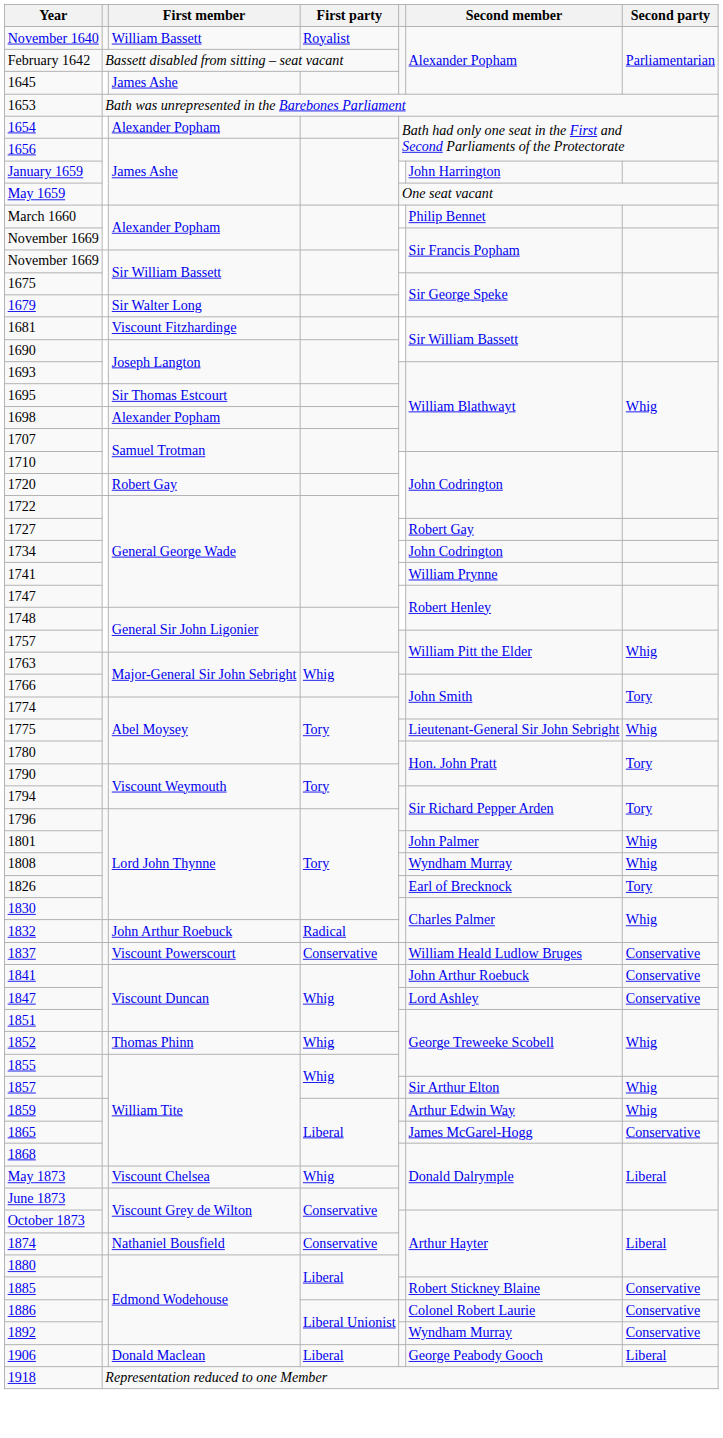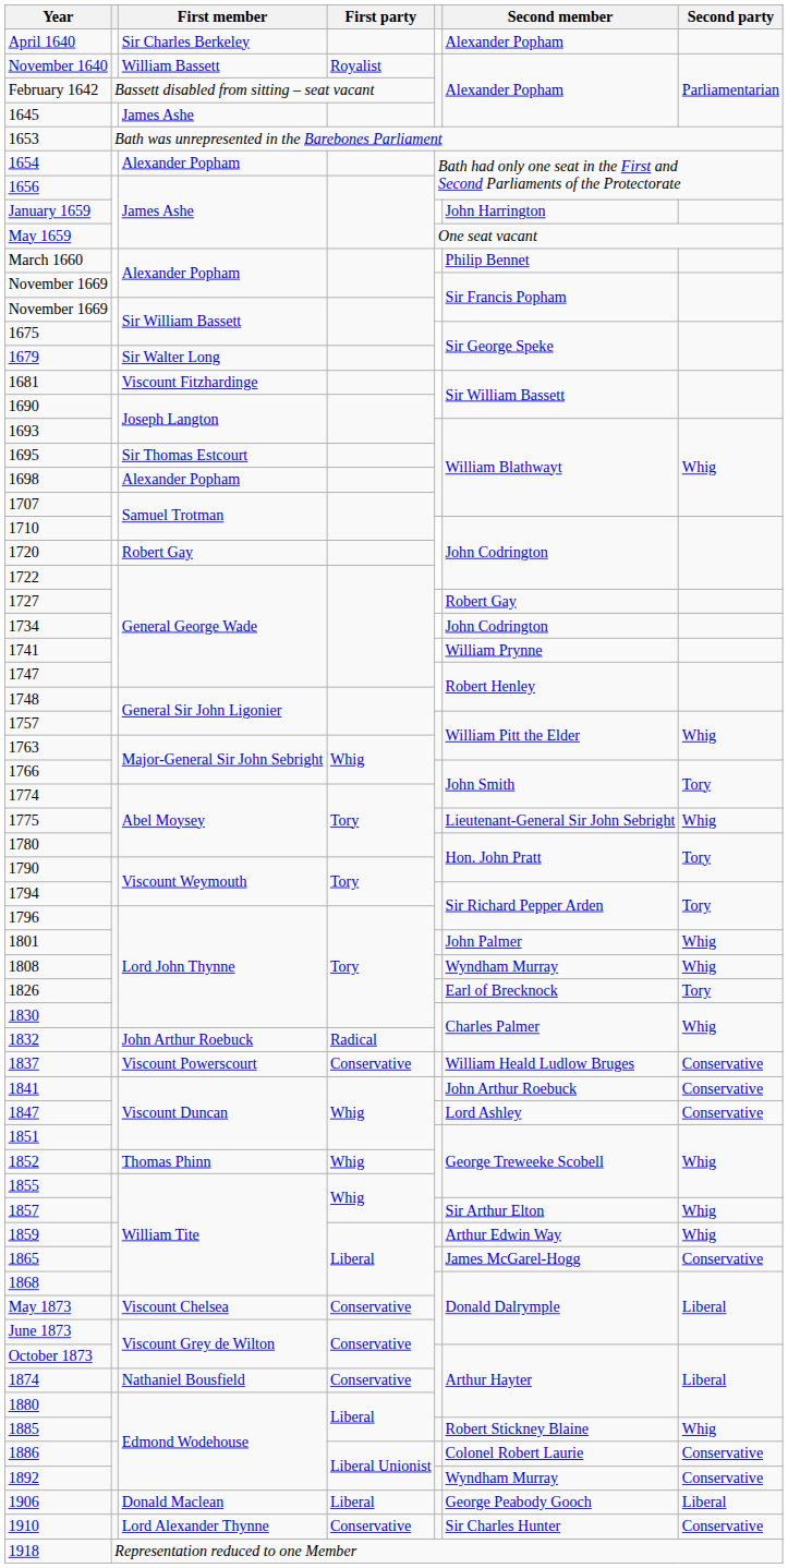 <table class="wikitable">
 <tr>
 <th>Year</th>
 <th></th>
 <th>First member</th>
 <th>First party</th>
 <th></th>
 <th>Second member</th>
 <th>Second party</th>
+</tr>
+<tr>
+<td><a href='#'>April 1640</a></td>
+<td style="color:inherit;background-color: white"></td>
+<td><a href='#'>Sir Charles Berkeley</a></td>
+<td></td>
+<td style="color:inherit;background-color: white"></td>
+<td><a href='#'>Alexander Popham</a></td>
+<td></td>
 </tr>
 <tr>
 <td><a href='#'>November 1640</a></td>
 <td style="color:inherit;background-color: "></td>
 <td><a href='#'>William Bassett</a></td>
 <td><a href='#'>Royalist</a></td>
 <td rowspan="3" style="color:inherit;background-color: "></td>
 <td rowspan="3"><a href='#'>Alexander Popham</a></td>
 <td rowspan="3"><a href='#'>Parliamentarian</a></td>
 </tr>
 <tr>
 <td>February 1642</td>
 <td colspan="3"><em>Bassett disabled from sitting – seat vacant</em></td>
 </tr>
 <tr>
 <td>1645</td>
 <td style="color:inherit;background-color: white"></td>
 <td><a href='#'>James Ashe</a></td>
 <td></td>
 </tr>
 <tr>
 <td>1653</td>
 <td colspan="6"><em>Bath was unrepresented in the <a href='#'>Barebones Parliament</a></em></td>
 </tr>
 <tr>
 <td><a href='#'>1654</a></td>
 <td style="color:inherit;background-color: white"></td>
 <td><a href='#'>Alexander Popham</a></td>
 <td></td>
 <td rowspan="2" colspan="3"><em>Bath had only one seat in the <a href='#'>First</a> and <br><a href='#'>Second</a> Parliaments of the Protectorate</em></td>
 </tr>
 <tr>
 <td><a href='#'>1656</a></td>
 <td rowspan="3" style="color:inherit;background-color: white"></td>
 <td rowspan="3"><a href='#'>James Ashe</a></td>
 <td rowspan="3"></td>
 </tr>
 <tr>
 <td><a href='#'>January 1659</a></td>
 <td style="color:inherit;background-color: white"></td>
 <td><a href='#'>John Harrington</a></td>
 <td></td>
 </tr>
 <tr>
 <td><a href='#'>May 1659</a></td>
 <td colspan="3"><em>One seat vacant</em></td>
 </tr>
 <tr>
 <td>March 1660</td>
 <td rowspan="2" style="color:inherit;background-color: white"></td>
 <td rowspan="2"><a href='#'>Alexander Popham</a></td>
 <td rowspan="2"></td>
 <td style="color:inherit;background-color: white"></td>
 <td><a href='#'>Philip Bennet</a></td>
 <td></td>
 </tr>
 <tr>
 <td>November 1669</td>
 <td rowspan="2" style="color:inherit;background-color: white"></td>
 <td rowspan="2"><a href='#'>Sir Francis Popham</a></td>
 <td rowspan="2"></td>
 </tr>
 <tr>
 <td>November 1669</td>
 <td rowspan="2" style="color:inherit;background-color: white"></td>
 <td rowspan="2"><a href='#'>Sir William Bassett</a></td>
 <td rowspan="2"></td>
 </tr>
 <tr>
 <td>1675</td>
 <td rowspan="2" style="color:inherit;background-color: white"></td>
 <td rowspan="2"><a href='#'>Sir George Speke</a></td>
 <td rowspan="2"></td>
 </tr>
 <tr>
 <td><a href='#'>1679</a></td>
 <td style="color:inherit;background-color: white"></td>
 <td><a href='#'>Sir Walter Long</a></td>
 <td></td>
 </tr>
 <tr>
 <td>1681</td>
 <td style="color:inherit;background-color: white"></td>
 <td><a href='#'>Viscount Fitzhardinge</a></td>
 <td></td>
 <td rowspan="2" style="color:inherit;background-color: white"></td>
 <td rowspan="2"><a href='#'>Sir William Bassett</a></td>
 <td rowspan="2"></td>
 </tr>
 <tr>
 <td>1690</td>
 <td rowspan="2" style="color:inherit;background-color: white"></td>
 <td rowspan="2"><a href='#'>Joseph Langton</a></td>
 <td rowspan="2"></td>
 </tr>
 <tr>
 <td>1693</td>
 <td rowspan="4" style="color:inherit;background-color: "></td>
 <td rowspan="4"><a href='#'>William Blathwayt</a></td>
 <td rowspan="4"><a href='#'>Whig</a></td>
 </tr>
 <tr>
 <td>1695</td>
 <td style="color:inherit;background-color: white"></td>
 <td><a href='#'>Sir Thomas Estcourt</a></td>
 <td></td>
 </tr>
 <tr>
 <td>1698</td>
 <td style="color:inherit;background-color: white"></td>
 <td><a href='#'>Alexander Popham</a></td>
 <td></td>
 </tr>
 <tr>
 <td>1707</td>
 <td rowspan="2" style="color:inherit;background-color: white"></td>
 <td rowspan="2"><a href='#'>Samuel Trotman</a></td>
 <td rowspan="2"></td>
 </tr>
 <tr>
 <td>1710</td>
 <td rowspan="3" style="color:inherit;background-color: white"></td>
 <td rowspan="3"><a href='#'>John Codrington</a></td>
 <td rowspan="3"></td>
 </tr>
 <tr>
 <td>1720</td>
 <td style="color:inherit;background-color: white"></td>
 <td><a href='#'>Robert Gay</a></td>
 <td></td>
 </tr>
 <tr>
 <td>1722</td>
 <td rowspan="5" style="color:inherit;background-color: white"></td>
 <td rowspan="5"><a href='#'>General George Wade</a></td>
 <td rowspan="5"></td>
 </tr>
 <tr>
 <td>1727</td>
 <td style="color:inherit;background-color: white"></td>
 <td><a href='#'>Robert Gay</a></td>
 <td></td>
 </tr>
 <tr>
 <td>1734</td>
 <td style="color:inherit;background-color: white"></td>
 <td><a href='#'>John Codrington</a></td>
 <td></td>
 </tr>
 <tr>
 <td>1741</td>
 <td style="color:inherit;background-color: white"></td>
 <td><a href='#'>William Prynne</a></td>
 <td></td>
 </tr>
 <tr>
 <td>1747</td>
 <td rowspan="2" style="color:inherit;background-color: white"></td>
 <td rowspan="2"><a href='#'>Robert Henley</a></td>
 <td rowspan="2"></td>
 </tr>
 <tr>
 <td>1748</td>
 <td rowspan="2" style="color:inherit;background-color: white"></td>
 <td rowspan="2"><a href='#'>General Sir John Ligonier</a></td>
 <td rowspan="2"></td>
 </tr>
 <tr>
 <td>1757</td>
 <td rowspan="2" style="color:inherit;background-color: "></td>
 <td rowspan="2"><a href='#'>William Pitt the Elder</a></td>
 <td rowspan="2"><a href='#'>Whig</a></td>
 </tr>
 <tr>
 <td>1763</td>
 <td rowspan="2" style="color:inherit;background-color: "></td>
 <td rowspan="2"><a href='#'>Major-General Sir John Sebright</a></td>
 <td rowspan="2"><a href='#'>Whig</a></td>
 </tr>
 <tr>
 <td>1766</td>
 <td rowspan="2" style="color:inherit;background-color: "></td>
 <td rowspan="2"><a href='#'>John Smith</a></td>
 <td rowspan="2"><a href='#'>Tory</a></td>
 </tr>
 <tr>
 <td>1774</td>
 <td rowspan="3" style="color:inherit;background-color: "></td>
 <td rowspan="3"><a href='#'>Abel Moysey</a></td>
 <td rowspan="3"><a href='#'>Tory</a></td>
 </tr>
 <tr>
 <td>1775</td>
 <td style="color:inherit;background-color: "></td>
 <td><a href='#'>Lieutenant-General Sir John Sebright</a></td>
 <td><a href='#'>Whig</a></td>
 </tr>
 <tr>
 <td>1780</td>
 <td rowspan="2" style="color:inherit;background-color: "></td>
 <td rowspan="2"><a href='#'>Hon. John Pratt</a></td>
 <td rowspan="2"><a href='#'>Tory</a></td>
 </tr>
 <tr>
 <td>1790</td>
 <td rowspan="2" style="color:inherit;background-color: "></td>
 <td rowspan="2"><a href='#'>Viscount Weymouth</a></td>
 <td rowspan="2"><a href='#'>Tory</a></td>
 </tr>
 <tr>
 <td>1794</td>
 <td rowspan="2" style="color:inherit;background-color: "></td>
 <td rowspan="2"><a href='#'>Sir Richard Pepper Arden</a></td>
 <td rowspan="2"><a href='#'>Tory</a></td>
 </tr>
 <tr>
 <td>1796</td>
 <td rowspan="5" style="color:inherit;background-color: "></td>
 <td rowspan="5"><a href='#'>Lord John Thynne</a></td>
 <td rowspan="5"><a href='#'>Tory</a></td>
 </tr>
 <tr>
 <td>1801</td>
 <td style="color:inherit;background-color: "></td>
 <td><a href='#'>John Palmer</a></td>
 <td><a href='#'>Whig</a></td>
 </tr>
 <tr>
 <td>1808</td>
 <td style="color:inherit;background-color: "></td>
 <td><a href='#'>Wyndham Murray</a></td>
 <td><a href='#'>Whig</a></td>
 </tr>
 <tr>
 <td>1826</td>
 <td style="color:inherit;background-color: "></td>
 <td><a href='#'>Earl of Brecknock</a></td>
 <td><a href='#'>Tory</a></td>
 </tr>
 <tr>
 <td><a href='#'>1830</a></td>
 <td rowspan="2" style="color:inherit;background-color: "></td>
 <td rowspan="2"><a href='#'>Charles Palmer</a></td>
 <td rowspan="2"><a href='#'>Whig</a></td>
 </tr>
 <tr>
 <td><a href='#'>1832</a></td>
 <td style="color:inherit;background-color: "></td>
 <td><a href='#'>John Arthur Roebuck</a></td>
 <td><a href='#'>Radical</a></td>
 </tr>
 <tr>
 <td><a href='#'>1837</a></td>
 <td style="color:inherit;background-color: "></td>
 <td><a href='#'>Viscount Powerscourt</a></td>
 <td><a href='#'>Conservative</a></td>
 <td style="color:inherit;background-color: "></td>
 <td><a href='#'>William Heald Ludlow Bruges</a></td>
 <td><a href='#'>Conservative</a></td>
 </tr>
 <tr>
 <td><a href='#'>1841</a></td>
 <td rowspan="3" style="color:inherit;background-color: "></td>
 <td rowspan="3"><a href='#'>Viscount Duncan</a></td>
 <td rowspan="3"><a href='#'>Whig</a></td>
 <td style="color:inherit;background-color: "></td>
 <td><a href='#'>John Arthur Roebuck</a></td>
 <td><a href='#'>Conservative</a></td>
 </tr>
 <tr>
 <td><a href='#'>1847</a></td>
 <td style="color:inherit;background-color: "></td>
 <td><a href='#'>Lord Ashley</a></td>
 <td><a href='#'>Conservative</a></td>
 </tr>
 <tr>
 <td><a href='#'>1851</a></td>
 <td rowspan="3" style="color:inherit;background-color: "></td>
 <td rowspan="3"><a href='#'>George Treweeke Scobell</a></td>
 <td rowspan="3"><a href='#'>Whig</a></td>
 </tr>
 <tr>
 <td><a href='#'>1852</a></td>
 <td style="color:inherit;background-color: "></td>
 <td><a href='#'>Thomas Phinn</a></td>
 <td><a href='#'>Whig</a></td>
 </tr>
 <tr>
 <td><a href='#'>1855</a></td>
 <td rowspan="2" style="color:inherit;background-color: "></td>
 <td rowspan="5"><a href='#'>William Tite</a></td>
 <td rowspan="2"><a href='#'>Whig</a></td>
 </tr>
 <tr>
 <td><a href='#'>1857</a></td>
 <td style="color:inherit;background-color: "></td>
 <td><a href='#'>Sir Arthur Elton</a></td>
 <td><a href='#'>Whig</a></td>
 </tr>
 <tr>
 <td><a href='#'>1859</a></td>
 <td rowspan="3" style="color:inherit;background-color: "></td>
 <td rowspan="3"><a href='#'>Liberal</a></td>
 <td style="color:inherit;background-color: "></td>
 <td><a href='#'>Arthur Edwin Way</a></td>
 <td><a href='#'>Whig</a></td>
 </tr>
 <tr>
 <td><a href='#'>1865</a></td>
 <td style="color:inherit;background-color: "></td>
 <td><a href='#'>James McGarel-Hogg</a></td>
 <td><a href='#'>Conservative</a></td>
 </tr>
 <tr>
 <td><a href='#'>1868</a></td>
 <td rowspan="3" style="color:inherit;background-color: "></td>
 <td rowspan="3"><a href='#'>Donald Dalrymple</a></td>
 <td rowspan="3"><a href='#'>Liberal</a></td>
 </tr>
 <tr>
 <td><a href='#'>May 1873</a></td>
 <td style="color:inherit;background-color: "></td>
 <td><a href='#'>Viscount Chelsea</a></td>
-<td><a href='#'>Whig</a></td>
+<td><a href='#'>Conservative</a></td>
 </tr>
 <tr>
 <td><a href='#'>June 1873</a></td>
 <td rowspan="2" style="color:inherit;background-color: "></td>
 <td rowspan="2"><a href='#'>Viscount Grey de Wilton</a></td>
 <td rowspan="2"><a href='#'>Conservative</a></td>
 </tr>
 <tr>
 <td><a href='#'>October 1873</a></td>
 <td rowspan="3" style="color:inherit;background-color: "></td>
 <td rowspan="3"><a href='#'>Arthur Hayter</a></td>
 <td rowspan="3"><a href='#'>Liberal</a></td>
 </tr>
 <tr>
 <td><a href='#'>1874</a></td>
 <td style="color:inherit;background-color: "></td>
 <td><a href='#'>Nathaniel Bousfield</a></td>
 <td><a href='#'>Conservative</a></td>
 </tr>
 <tr>
 <td><a href='#'>1880</a></td>
 <td rowspan="2" style="color:inherit;background-color: "></td>
 <td rowspan="4"><a href='#'>Edmond Wodehouse</a></td>
 <td rowspan="2"><a href='#'>Liberal</a></td>
 </tr>
 <tr>
 <td><a href='#'>1885</a></td>
 <td style="color:inherit;background-color: "></td>
 <td><a href='#'>Robert Stickney Blaine</a></td>
-<td><a href='#'>Conservative</a></td>
+<td><a href='#'>Whig</a></td>
 </tr>
 <tr>
 <td><a href='#'>1886</a></td>
 <td rowspan="2" style="color:inherit;background-color: "></td>
 <td rowspan="2"><a href='#'>Liberal Unionist</a></td>
 <td style="color:inherit;background-color: "></td>
 <td><a href='#'>Colonel Robert Laurie</a></td>
 <td><a href='#'>Conservative</a></td>
 </tr>
 <tr>
 <td><a href='#'>1892</a></td>
 <td style="color:inherit;background-color: "></td>
 <td><a href='#'>Wyndham Murray</a></td>
 <td><a href='#'>Conservative</a></td>
 </tr>
 <tr>
 <td><a href='#'>1906</a></td>
 <td style="color:inherit;background-color: "></td>
 <td><a href='#'>Donald Maclean</a></td>
 <td><a href='#'>Liberal</a></td>
 <td style="color:inherit;background-color: "></td>
 <td><a href='#'>George Peabody Gooch</a></td>
 <td><a href='#'>Liberal</a></td>
 </tr>
 <tr>
+<td><a href='#'>1910</a></td>
+<td style="color:inherit;background-color: "></td>
+<td><a href='#'>Lord Alexander Thynne</a></td>
+<td><a href='#'>Conservative</a></td>
+<td style="color:inherit;background-color: "></td>
+<td><a href='#'>Sir Charles Hunter</a></td>
+<td><a href='#'>Conservative</a></td>
+</tr>
+<tr>
 <td><a href='#'>1918</a></td>
 <td colspan="6"><em>Representation reduced to one Member</em></td>
 </tr>
 </table>
